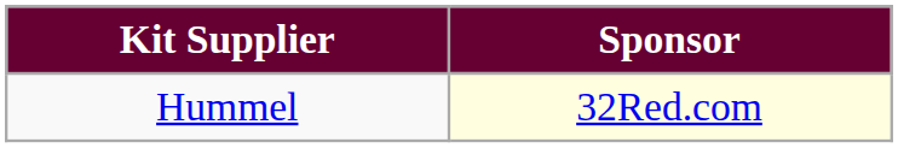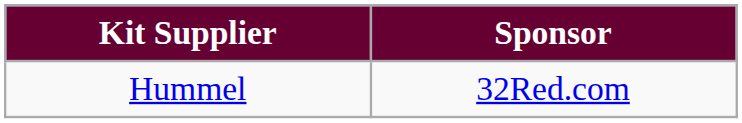 <table class="wikitable"  style="text-align:center; font-size:90%; ">
 <tr>
 <th style="background:#660033;color:#FFFFFF; width:150px;">Kit Supplier</th>
 <th style="background:#660033;color:#FFFFFF; width:150px;">Sponsor</th>
 </tr>
 <tr>
 <td><a href='#'>Hummel</a></td>
-<td style="background: lightyellow;"><a href='#'>32Red.com</a></td>
+<td><a href='#'>32Red.com</a></td>
 </tr>
 </table>
